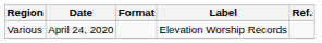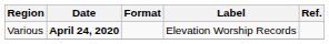 <table class="wikitable plainrowheaders">
 <tr>
 <th scope="col">Region</th>
 <th scope="col">Date</th>
 <th scope="col">Format</th>
 <th scope="col">Label</th>
 <th scope="col">Ref.</th>
 </tr>
 <tr>
 <td>Various</td>
-<td>April 24, 2020</td>
+<td><strong>April 24, 2020</strong></td>
 <td></td>
 <td>Elevation Worship Records</td>
 <td></td>
 </tr>
 <tr>
 </tr>
 </table>
